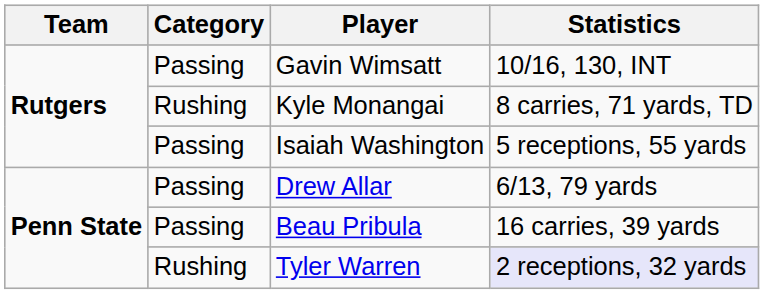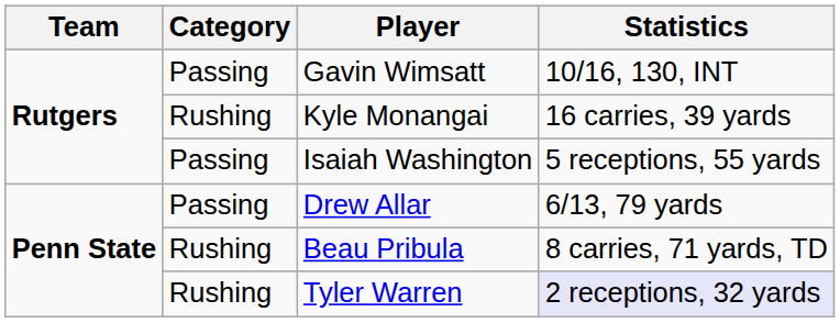 <table class="wikitable" style="float: left;">
 <tr>
 <th>Team</th>
 <th>Category</th>
 <th>Player</th>
 <th>Statistics</th>
 </tr>
 <tr>
 <td rowspan=3><strong>Rutgers</strong></td>
 <td>Passing</td>
 <td>Gavin Wimsatt</td>
 <td>10/16, 130, INT</td>
 </tr>
 <tr>
 <td>Rushing</td>
 <td>Kyle Monangai</td>
-<td>8 carries, 71 yards, TD</td>
+<td>16 carries, 39 yards</td>
 </tr>
 <tr>
 <td>Passing</td>
 <td>Isaiah Washington</td>
 <td>5 receptions, 55 yards</td>
 </tr>
 <tr>
 <td rowspan=3><strong>Penn State</strong></td>
 <td>Passing</td>
 <td><a href='#'>Drew Allar</a></td>
 <td>6/13, 79 yards</td>
 </tr>
 <tr>
-<td>Passing</td>
+<td>Rushing</td>
 <td><a href='#'>Beau Pribula</a></td>
-<td>16 carries, 39 yards</td>
+<td>8 carries, 71 yards, TD</td>
 </tr>
 <tr>
 <td>Rushing</td>
 <td><a href='#'>Tyler Warren</a></td>
 <td style="background: lavender;">2 receptions, 32 yards</td>
 </tr>
 </table>
